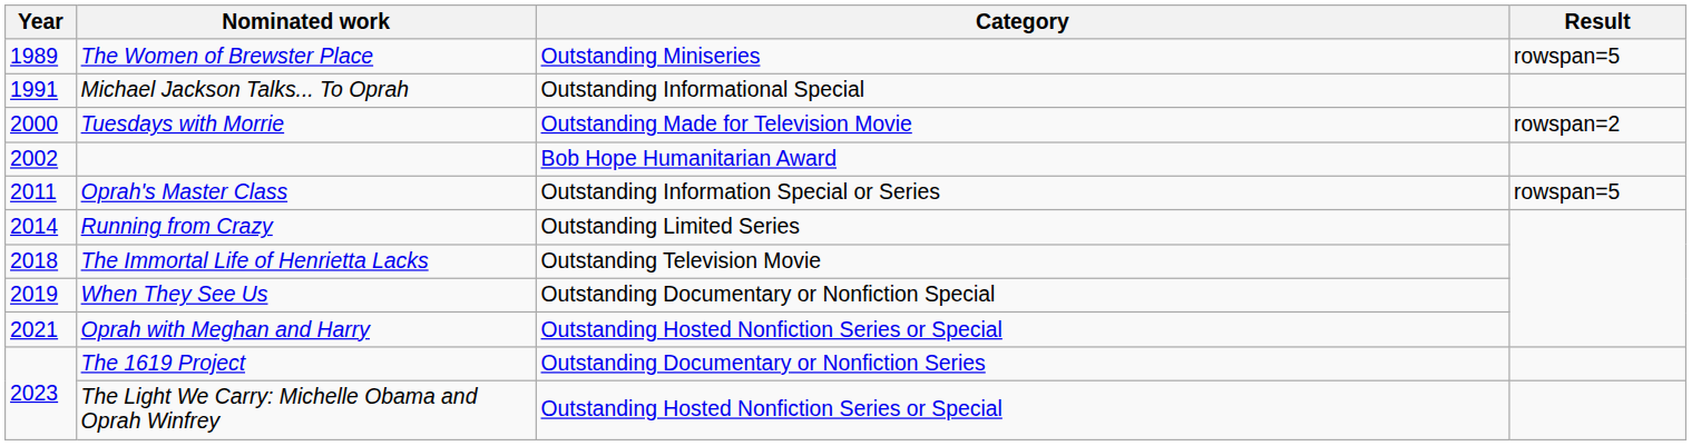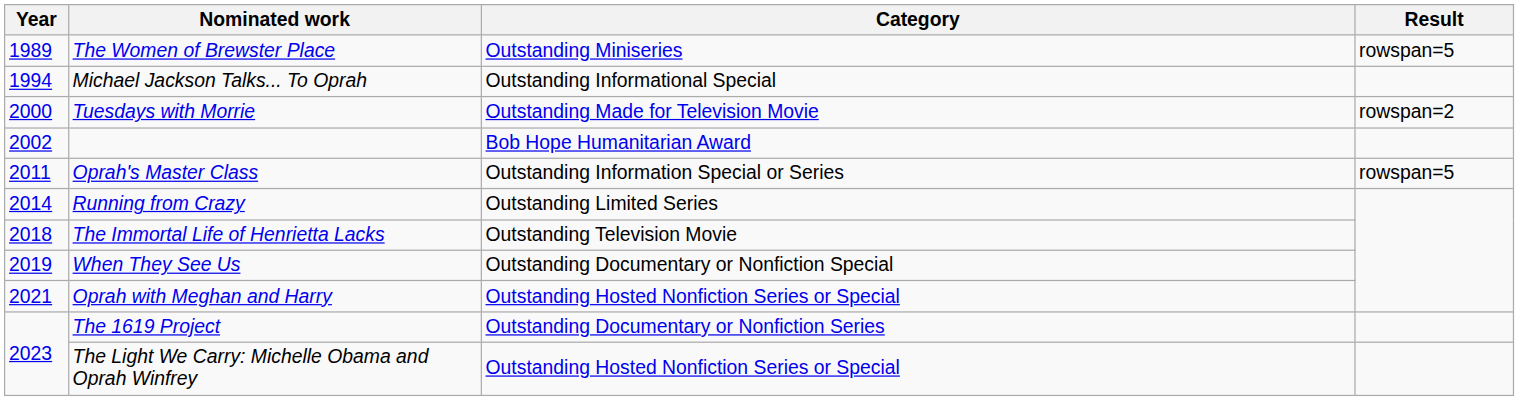 <table class=wikitable>
 <tr>
 <th width=4%>Year</th>
 <th width=26%>Nominated work</th>
 <th width=55%>Category</th>
 <th width=10%>Result</th>
 </tr>
 <tr>
 <td><a href='#'>1989</a></td>
 <td><em><a href='#'>The Women of Brewster Place</a></em></td>
 <td><a href='#'>Outstanding Miniseries</a></td>
 <td>rowspan=5 </td>
 </tr>
 <tr>
-<td><a href='#'>1991</a></td>
+<td><a href='#'>1994</a></td>
 <td><em>Michael Jackson Talks... To Oprah</em></td>
 <td>Outstanding Informational Special</td>
 </tr>
 <tr>
 <td><a href='#'>2000</a></td>
 <td><em><a href='#'>Tuesdays with Morrie</a></em></td>
 <td><a href='#'>Outstanding Made for Television Movie</a></td>
 <td>rowspan=2 </td>
 </tr>
 <tr>
 <td><a href='#'>2002</a></td>
 <td></td>
 <td><a href='#'>Bob Hope Humanitarian Award</a></td>
 </tr>
 <tr>
 <td><a href='#'>2011</a></td>
 <td><em><a href='#'>Oprah's Master Class</a></em></td>
 <td>Outstanding Information Special or Series</td>
 <td>rowspan=5 </td>
 </tr>
 <tr>
 <td><a href='#'>2014</a></td>
 <td><em><a href='#'>Running from Crazy</a></em></td>
 <td>Outstanding Limited Series</td>
 </tr>
 <tr>
 <td><a href='#'>2018</a></td>
 <td><em><a href='#'>The Immortal Life of Henrietta Lacks</a></em></td>
 <td>Outstanding Television Movie</td>
 </tr>
 <tr>
 <td><a href='#'>2019</a></td>
 <td><em><a href='#'>When They See Us</a></em></td>
 <td>Outstanding Documentary or Nonfiction Special</td>
 </tr>
 <tr>
 <td><a href='#'>2021</a></td>
 <td><em><a href='#'>Oprah with Meghan and Harry</a></em></td>
 <td><a href='#'>Outstanding Hosted Nonfiction Series or Special</a></td>
 </tr>
 <tr>
 <td rowspan="2"><a href='#'>2023</a></td>
 <td><a href='#'><em>The 1619 Project</em></a></td>
 <td><a href='#'>Outstanding Documentary or Nonfiction Series</a></td>
 <td></td>
 </tr>
 <tr>
 <td><em>The Light We Carry: Michelle Obama and Oprah Winfrey</em></td>
 <td><a href='#'>Outstanding Hosted Nonfiction Series or Special</a></td>
 <td></td>
 </tr>
 </table>
